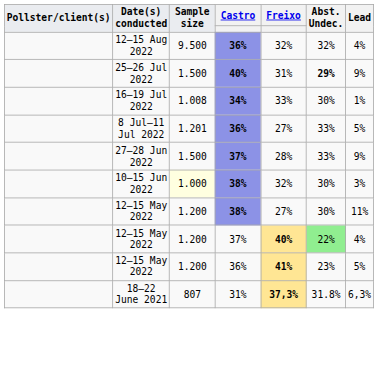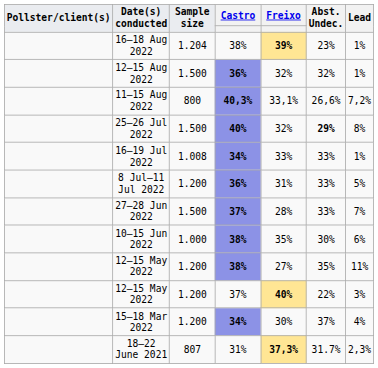 <table class="wikitable sortable" style="text-align:center;font-size:90%;line-height:14px;">
 <tr>
 <td rowspan="2" class="unsortable" style="width:50px;background:#eaecf0;"><strong>Pollster/client(s)</strong></td>
 <td rowspan="2" class="unsortable" style="width:50px;background:#eaecf0;"><strong>Date(s)<br>conducted</strong></td>
 <td rowspan="2" class="unsortable" style="width:50px;background:#eaecf0;"><strong>Sample<br>size</strong></td>
 <th class="unsortable" style="width:50px;"><a href='#'>Castro</a><br></th>
 <th class="unsortable" style="width:50px;"><a href='#'>Freixo</a><br></th>
 <th rowspan="2" class="unsortable">Abst.<br>Undec.</th>
 <th rowspan="2" data-sort-type="number">Lead</th>
 </tr>
 <tr>
 <th class="sortable" data-sort-type="number" style="background:"></th>
 <th class="sortable" data-sort-type="number" style="background:"></th>
 </tr>
 <tr>
 <td></td>
+<td>16–18 Aug 2022</td>
+<td>1.204</td>
+<td>38%</td>
+<td style="background:#ffe694;"><strong>39%</strong></td>
+<td>23%</td>
+<td style="background:">1%</td>
+</tr>
+<tr>
+<td></td>
 <td>12–15 Aug 2022</td>
-<td>9.500</td>
+<td>1.500</td>
 <td style="background:#8c92e6;"><strong>36%</strong></td>
 <td>32%</td>
 <td>32%</td>
-<td style="background:">4%</td>
+<td style="background:">1%</td>
+</tr>
+<tr>
+<td></td>
+<td>11–15 Aug 2022</td>
+<td>800</td>
+<td style="background:#8c92e6;"><strong>40,3%</strong></td>
+<td>33,1%</td>
+<td>26,6%</td>
+<td style="background:">7,2%</td>
 </tr>
 <tr>
 <td></td>
 <td>25–26 Jul 2022</td>
 <td>1.500</td>
 <td style="background:#8c92e6;"><strong>40%</strong></td>
-<td>31%</td>
+<td>32%</td>
 <td><strong>29%</strong></td>
-<td style="background:">9%</td>
+<td style="background:">8%</td>
 </tr>
 <tr>
 <td></td>
 <td>16–19 Jul 2022</td>
 <td>1.008</td>
 <td style="background:#8c92e6;"><strong>34%</strong></td>
 <td>33%</td>
-<td>30%</td>
+<td>33%</td>
 <td style="background:">1%</td>
 </tr>
 <tr>
 <td></td>
 <td>8 Jul–11 Jul 2022</td>
-<td>1.201</td>
+<td>1.200</td>
 <td style="background:#8c92e6;"><strong>36%</strong></td>
-<td>27%</td>
+<td>31%</td>
 <td>33%</td>
 <td style="background:">5%</td>
 </tr>
 <tr>
 <td></td>
 <td>27–28 Jun 2022</td>
 <td>1.500</td>
 <td style="background:#8c92e6;"><strong>37%</strong></td>
 <td>28%</td>
 <td>33%</td>
-<td style="background:">9%</td>
+<td style="background:">7%</td>
 </tr>
 <tr>
 <td></td>
 <td>10–15 Jun 2022</td>
-<td style="background: lightyellow;">1.000</td>
+<td>1.000</td>
 <td style="background:#8c92e6;"><strong>38%</strong></td>
-<td>32%</td>
+<td>35%</td>
 <td>30%</td>
-<td style="background:">3%</td>
+<td style="background:">6%</td>
 </tr>
 <tr>
 <td></td>
 <td>12–15 May 2022</td>
 <td>1.200</td>
 <td style="background:#8c92e6;"><strong>38%</strong></td>
 <td>27%</td>
-<td>30%</td>
+<td>35%</td>
 <td style="background:">11%</td>
 </tr>
 <tr>
 <td> </td>
 <td>12–15 May 2022</td>
 <td>1.200</td>
 <td>37%</td>
 <td style="background:#ffe694;"><strong>40%</strong></td>
-<td style="background: lightgreen;">22%</td>
-<td style="background:">4%</td>
+<td>22%</td>
+<td style="background:">3%</td>
 </tr>
 <tr>
-<td> </td>
-<td>12–15 May 2022</td>
+<td></td>
+<td>15–18 Mar 2022</td>
 <td>1.200</td>
-<td>36%</td>
-<td style="background:#ffe694;"><strong>41%</strong></td>
-<td>23%</td>
-<td style="background:">5%</td>
+<td style="background:#8c92e6;"><strong>34%</strong></td>
+<td>30%</td>
+<td>37%</td>
+<td style="background:">4%</td>
 </tr>
 <tr>
 <td></td>
 <td>18–22 June 2021</td>
 <td>807</td>
 <td>31%</td>
 <td style="background:#ffe694;"><strong>37,3%</strong></td>
-<td>31.8%</td>
-<td style="background:">6,3%</td>
+<td>31.7%</td>
+<td style="background:">2,3%</td>
 </tr>
 </table>
